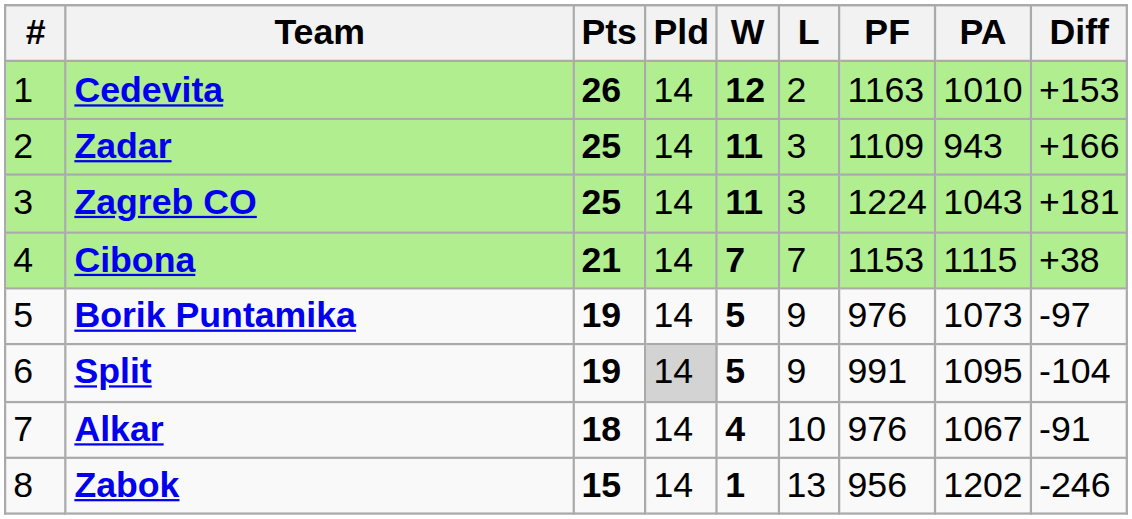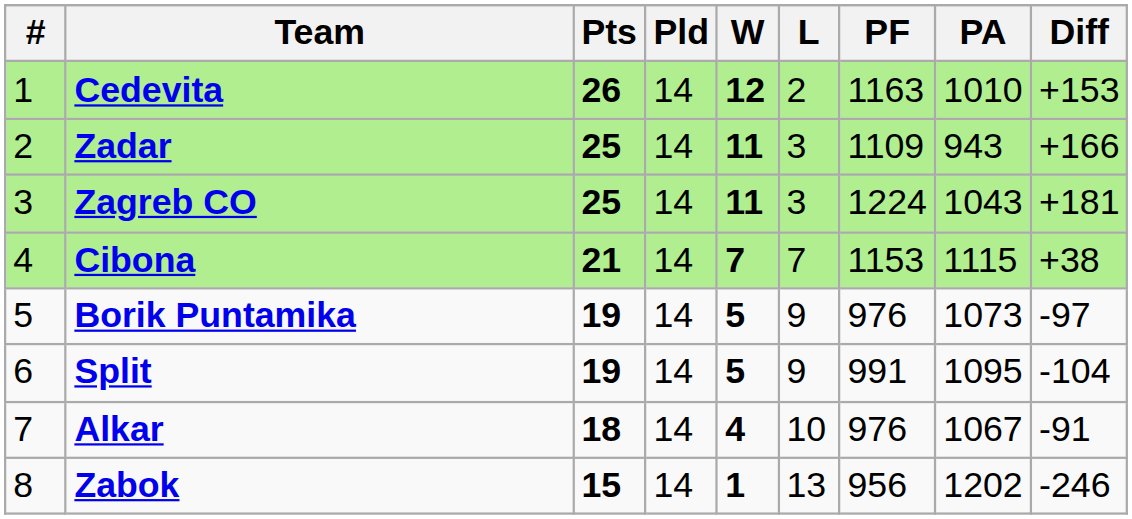 <table class=wikitable>
 <tr align=center>
 </tr>
 <tr>
 <th width=20>#</th>
 <th width=220>Team</th>
 <th width=20>Pts</th>
 <th width=20>Pld</th>
 <th width=20>W</th>
 <th width=20>L</th>
 <th width=20>PF</th>
 <th width=20>PA</th>
 <th width=20>Diff</th>
 </tr>
 <tr bgcolor=B0EE90>
 <td>1</td>
 <td align="left"><strong><a href='#'>Cedevita</a></strong></td>
 <td><strong>26</strong></td>
 <td>14</td>
 <td><strong>12</strong></td>
 <td>2</td>
 <td>1163</td>
 <td>1010</td>
 <td>+153</td>
 </tr>
 <tr bgcolor=B0EE90>
 <td>2</td>
 <td align="left"><strong><a href='#'>Zadar</a></strong></td>
 <td><strong>25</strong></td>
 <td>14</td>
 <td><strong>11</strong></td>
 <td>3</td>
 <td>1109</td>
 <td>943</td>
 <td>+166</td>
 </tr>
 <tr bgcolor=B0EE90>
 <td>3</td>
 <td align="left"><strong><a href='#'>Zagreb CO</a></strong></td>
 <td><strong>25</strong></td>
 <td>14</td>
 <td><strong>11</strong></td>
 <td>3</td>
 <td>1224</td>
 <td>1043</td>
 <td>+181</td>
 </tr>
 <tr bgcolor=B0EE90>
 <td>4</td>
 <td align="left"><strong><a href='#'>Cibona</a></strong></td>
 <td><strong>21</strong></td>
 <td>14</td>
 <td><strong>7</strong></td>
 <td>7</td>
 <td>1153</td>
 <td>1115</td>
 <td>+38</td>
 </tr>
 <tr>
 <td>5</td>
 <td align="left"><strong><a href='#'>Borik Puntamika</a></strong></td>
 <td><strong>19</strong></td>
 <td>14</td>
 <td><strong>5</strong></td>
 <td>9</td>
 <td>976</td>
 <td>1073</td>
 <td>-97</td>
 </tr>
 <tr>
 <td>6</td>
 <td align="left"><strong><a href='#'>Split</a></strong></td>
 <td><strong>19</strong></td>
-<td style="background: lightgrey;">14</td>
+<td>14</td>
 <td><strong>5</strong></td>
 <td>9</td>
 <td>991</td>
 <td>1095</td>
 <td>-104</td>
 </tr>
 <tr>
 <td>7</td>
 <td align="left"><strong><a href='#'>Alkar</a></strong></td>
 <td><strong>18</strong></td>
 <td>14</td>
 <td><strong>4</strong></td>
 <td>10</td>
 <td>976</td>
 <td>1067</td>
 <td>-91</td>
 </tr>
 <tr>
 <td>8</td>
 <td align="left"><strong><a href='#'>Zabok</a></strong></td>
 <td><strong>15</strong></td>
 <td>14</td>
 <td><strong>1</strong></td>
 <td>13</td>
 <td>956</td>
 <td>1202</td>
 <td>-246</td>
 </tr>
 </table>
